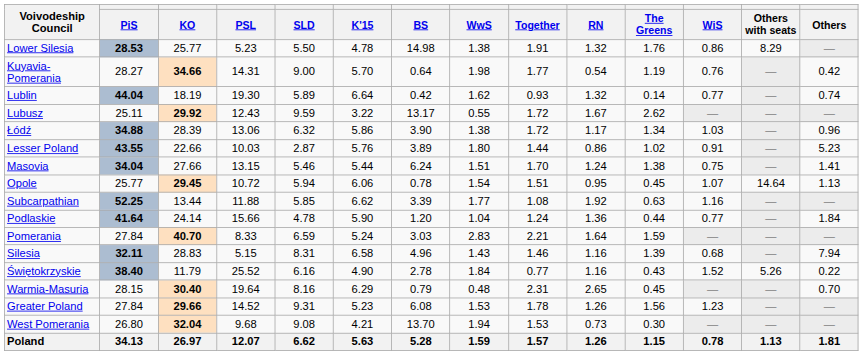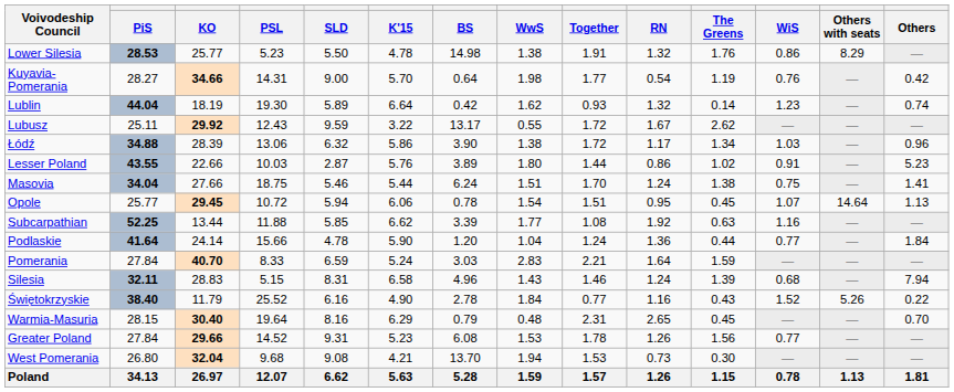 <table class="wikitable sortable" style="text-align:center; font-size:85%;">
 <tr text-align:center;>
 <th style="width:110px;" rowspan="2">Voivodeship<br>Council</th>
 <th style="background: "></th>
 <th style="background: "></th>
 <th style="background: "></th>
 <th style="background: "></th>
 <th style="background: "></th>
 <th style="background: "></th>
 <th style="background: "></th>
 <th style="background: "></th>
 <th style="background: "></th>
 <th style="background: "></th>
 <th style="background: "></th>
 <th style="background: "></th>
 <th style="background: "></th>
 </tr>
 <tr text-align:center;>
 <th style="font-size:95%; width:65px;"><a href='#'>PiS</a></th>
 <th style="font-size:95%; width:65px;"><a href='#'>KO</a></th>
 <th style="font-size:95%; width:65px;"><a href='#'>PSL</a></th>
 <th style="font-size:95%; width:65px;"><a href='#'>SLD</a></th>
 <th style="font-size:95%; width:65px;"><a href='#'>K'15</a></th>
 <th style="font-size:95%; width:65px;"><a href='#'>BS</a></th>
 <th style="font-size:95%; width:65px;"><a href='#'>WwS</a></th>
 <th style="font-size:95%; width:65px;"><a href='#'>Together</a></th>
 <th style="font-size:95%; width:65px;"><a href='#'>RN</a></th>
 <th style="font-size:95%; width:65px;"><a href='#'>The Greens</a></th>
 <th style="font-size:95%; width:65px;"><a href='#'>WiS</a></th>
 <th style="font-size:95%; width:65px;">Others with seats</th>
 <th style="font-size:95%; width:65px;">Others</th>
 </tr>
 <tr>
 <td style="text-align: left;"><a href='#'>Lower Silesia</a></td>
 <td style="background: #acbdd1;"><strong>28.53</strong></td>
 <td>25.77</td>
 <td>5.23</td>
 <td>5.50</td>
 <td>4.78</td>
 <td>14.98</td>
 <td>1.38</td>
 <td>1.91</td>
 <td>1.32</td>
 <td>1.76</td>
 <td>0.86</td>
 <td>8.29</td>
 <td style="background: #ececec; color:gray">—</td>
 </tr>
 <tr>
 <td style="text-align: left;"><a href='#'>Kuyavia-Pomerania</a></td>
 <td>28.27</td>
 <td style="background: #fee0c0;"><strong>34.66</strong></td>
 <td>14.31</td>
 <td>9.00</td>
 <td>5.70</td>
 <td>0.64</td>
 <td>1.98</td>
 <td>1.77</td>
 <td>0.54</td>
 <td>1.19</td>
 <td>0.76</td>
 <td style="background: #ececec; color:gray">—</td>
 <td>0.42</td>
 </tr>
 <tr>
 <td style="text-align: left;"><a href='#'>Lublin</a></td>
 <td style="background: #acbdd1;"><strong>44.04</strong></td>
 <td>18.19</td>
 <td>19.30</td>
 <td>5.89</td>
 <td>6.64</td>
 <td>0.42</td>
 <td>1.62</td>
 <td>0.93</td>
 <td>1.32</td>
 <td>0.14</td>
-<td>0.77</td>
+<td>1.23</td>
 <td style="background: #ececec; color:gray">—</td>
 <td>0.74</td>
 </tr>
 <tr>
 <td style="text-align: left;"><a href='#'>Lubusz</a></td>
 <td>25.11</td>
 <td style="background: #fee0c0;"><strong>29.92</strong></td>
 <td>12.43</td>
 <td>9.59</td>
 <td>3.22</td>
 <td>13.17</td>
 <td>0.55</td>
 <td>1.72</td>
 <td>1.67</td>
 <td>2.62</td>
 <td style="background: #ececec; color:gray">—</td>
 <td style="background: #ececec; color:gray">—</td>
 <td style="background: #ececec; color:gray">—</td>
 </tr>
 <tr>
 <td style="text-align: left;"><a href='#'>Łódź</a></td>
 <td style="background: #acbdd1;"><strong>34.88</strong></td>
 <td>28.39</td>
 <td>13.06</td>
 <td>6.32</td>
 <td>5.86</td>
 <td>3.90</td>
 <td>1.38</td>
 <td>1.72</td>
 <td>1.17</td>
 <td>1.34</td>
 <td>1.03</td>
 <td style="background: #ececec; color:gray">—</td>
 <td>0.96</td>
 </tr>
 <tr>
 <td style="text-align: left;"><a href='#'>Lesser Poland</a></td>
 <td style="background: #acbdd1;"><strong>43.55</strong></td>
 <td>22.66</td>
 <td>10.03</td>
 <td>2.87</td>
 <td>5.76</td>
 <td>3.89</td>
 <td>1.80</td>
 <td>1.44</td>
 <td>0.86</td>
 <td>1.02</td>
 <td>0.91</td>
 <td style="background: #ececec; color:gray">—</td>
 <td>5.23</td>
 </tr>
 <tr>
 <td style="text-align: left;"><a href='#'>Masovia</a></td>
 <td style="background: #acbdd1;"><strong>34.04</strong></td>
 <td>27.66</td>
-<td>13.15</td>
+<td>18.75</td>
 <td>5.46</td>
 <td>5.44</td>
 <td>6.24</td>
 <td>1.51</td>
 <td>1.70</td>
 <td>1.24</td>
 <td>1.38</td>
 <td>0.75</td>
 <td style="background: #ececec; color:gray">—</td>
 <td>1.41</td>
 </tr>
 <tr>
 <td style="text-align: left;"><a href='#'>Opole</a></td>
 <td>25.77</td>
 <td style="background: #fee0c0;"><strong>29.45</strong></td>
 <td>10.72</td>
 <td>5.94</td>
 <td>6.06</td>
 <td>0.78</td>
 <td>1.54</td>
 <td>1.51</td>
 <td>0.95</td>
 <td>0.45</td>
 <td>1.07</td>
 <td>14.64</td>
 <td>1.13</td>
 </tr>
 <tr>
 <td style="text-align: left;"><a href='#'>Subcarpathian</a></td>
 <td style="background: #acbdd1;"><strong>52.25</strong></td>
 <td>13.44</td>
 <td>11.88</td>
 <td>5.85</td>
 <td>6.62</td>
 <td>3.39</td>
 <td>1.77</td>
 <td>1.08</td>
 <td>1.92</td>
 <td>0.63</td>
 <td>1.16</td>
 <td style="background: #ececec; color:gray">—</td>
 <td style="background: #ececec; color:gray">—</td>
 </tr>
 <tr>
 <td style="text-align: left;"><a href='#'>Podlaskie</a></td>
 <td style="background: #acbdd1;"><strong>41.64</strong></td>
 <td>24.14</td>
 <td>15.66</td>
 <td>4.78</td>
 <td>5.90</td>
 <td>1.20</td>
 <td>1.04</td>
 <td>1.24</td>
 <td>1.36</td>
 <td>0.44</td>
 <td>0.77</td>
 <td style="background: #ececec; color:gray">—</td>
 <td>1.84</td>
 </tr>
 <tr>
 <td style="text-align: left;"><a href='#'>Pomerania</a></td>
 <td>27.84</td>
 <td style="background: #fee0c0;"><strong>40.70</strong></td>
 <td>8.33</td>
 <td>6.59</td>
 <td>5.24</td>
 <td>3.03</td>
 <td>2.83</td>
 <td>2.21</td>
 <td>1.64</td>
 <td>1.59</td>
 <td style="background: #ececec; color:gray">—</td>
 <td style="background: #ececec; color:gray">—</td>
 <td style="background: #ececec; color:gray">—</td>
 </tr>
 <tr>
 <td style="text-align: left;"><a href='#'>Silesia</a></td>
 <td style="background: #acbdd1;"><strong>32.11</strong></td>
 <td>28.83</td>
 <td>5.15</td>
 <td>8.31</td>
 <td>6.58</td>
 <td>4.96</td>
 <td>1.43</td>
 <td>1.46</td>
-<td>1.16</td>
+<td>1.24</td>
 <td>1.39</td>
 <td>0.68</td>
 <td style="background: #ececec; color:gray">—</td>
 <td>7.94</td>
 </tr>
 <tr>
 <td style="text-align: left;"><a href='#'>Świętokrzyskie</a></td>
 <td style="background: #acbdd1;"><strong>38.40</strong></td>
 <td>11.79</td>
 <td>25.52</td>
 <td>6.16</td>
 <td>4.90</td>
 <td>2.78</td>
 <td>1.84</td>
 <td>0.77</td>
 <td>1.16</td>
 <td>0.43</td>
 <td>1.52</td>
 <td>5.26</td>
 <td>0.22</td>
 </tr>
 <tr>
 <td style="text-align: left;"><a href='#'>Warmia-Masuria</a></td>
 <td>28.15</td>
 <td style="background: #fee0c0;"><strong>30.40</strong></td>
 <td>19.64</td>
 <td>8.16</td>
 <td>6.29</td>
 <td>0.79</td>
 <td>0.48</td>
 <td>2.31</td>
 <td>2.65</td>
 <td>0.45</td>
 <td style="background: #ececec; color:gray">—</td>
 <td style="background: #ececec; color:gray">—</td>
 <td>0.70</td>
 </tr>
 <tr>
 <td style="text-align: left;"><a href='#'>Greater Poland</a></td>
 <td>27.84</td>
 <td style="background: #fee0c0;"><strong>29.66</strong></td>
 <td>14.52</td>
 <td>9.31</td>
 <td>5.23</td>
 <td>6.08</td>
 <td>1.53</td>
 <td>1.78</td>
 <td>1.26</td>
 <td>1.56</td>
-<td>1.23</td>
+<td>0.77</td>
 <td style="background: #ececec; color:gray">—</td>
 <td style="background: #ececec; color:gray">—</td>
 </tr>
 <tr>
 <td style="text-align: left;"><a href='#'>West Pomerania</a></td>
 <td>26.80</td>
 <td style="background: #fee0c0;"><strong>32.04</strong></td>
 <td>9.68</td>
 <td>9.08</td>
 <td>4.21</td>
 <td>13.70</td>
 <td>1.94</td>
 <td>1.53</td>
 <td>0.73</td>
 <td>0.30</td>
 <td style="background: #ececec; color:gray">—</td>
 <td style="background: #ececec; color:gray">—</td>
 <td style="background: #ececec; color:gray">—</td>
 </tr>
 <tr>
 <th style="text-align: left;">Poland</th>
 <th>34.13</th>
 <th>26.97</th>
 <th>12.07</th>
 <th>6.62</th>
 <th>5.63</th>
 <th>5.28</th>
 <th>1.59</th>
 <th>1.57</th>
 <th>1.26</th>
 <th>1.15</th>
 <th>0.78</th>
 <th>1.13</th>
 <th>1.81</th>
 </tr>
 </table>
